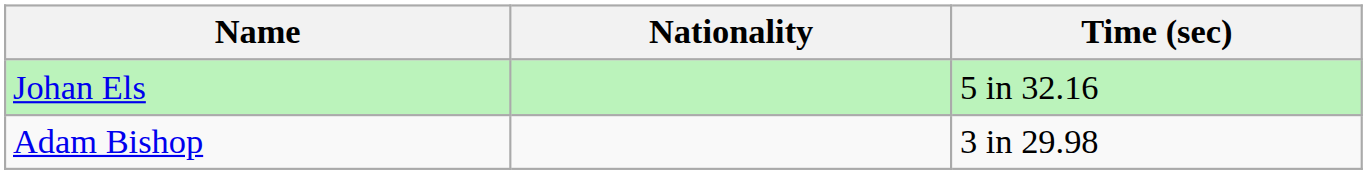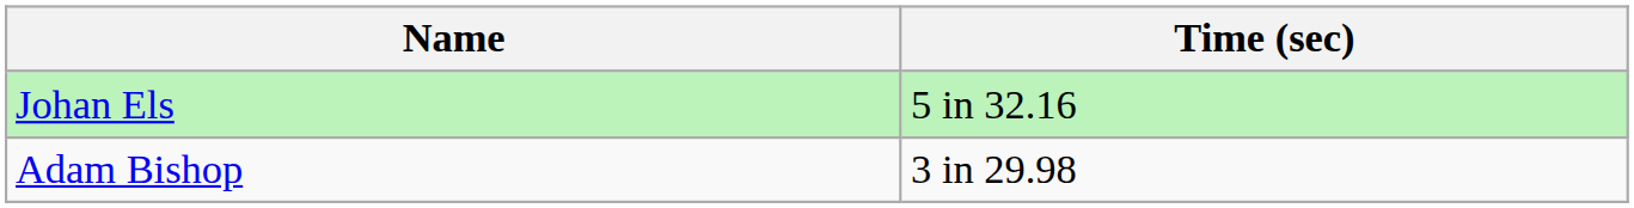 <table class="wikitable" style="display: inline-table;width: 50%;">
 <tr>
 <th>Name</th>
-<th>Nationality</th>
 <th>Time (sec)</th>
 </tr>
 <tr bgcolor=bbf3bb>
 <td><a href='#'>Johan Els</a></td>
-<td></td>
 <td>5 in 32.16</td>
 </tr>
 <tr>
 <td><a href='#'>Adam Bishop</a></td>
-<td></td>
 <td>3 in 29.98</td>
 </tr>
 </table>
